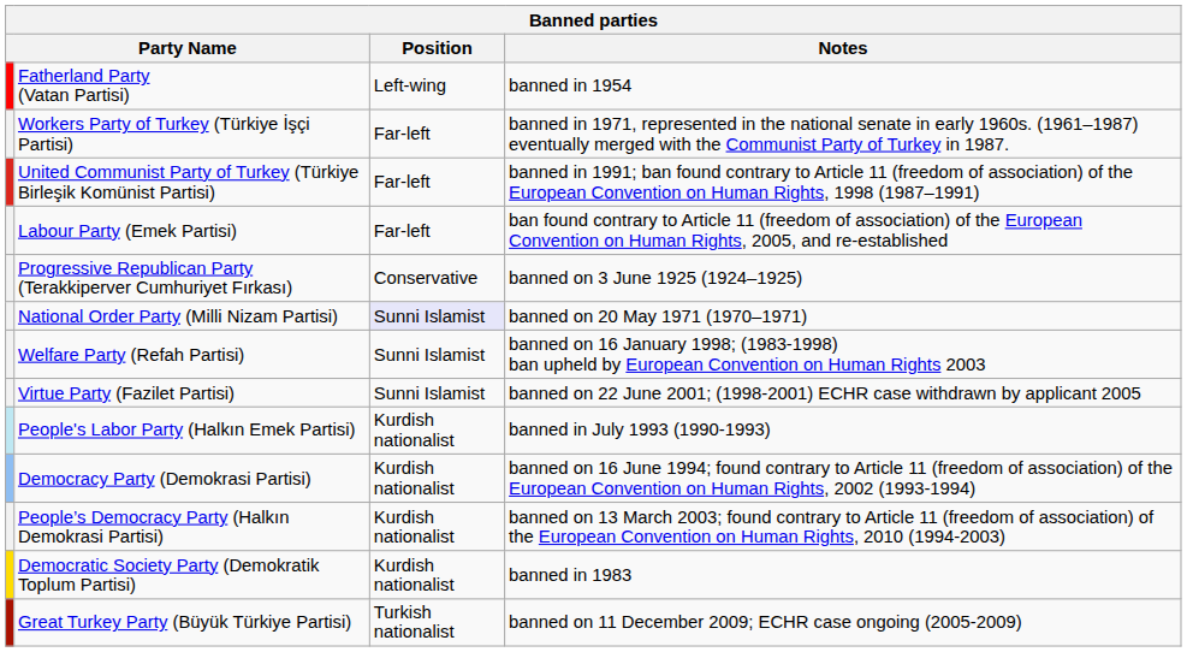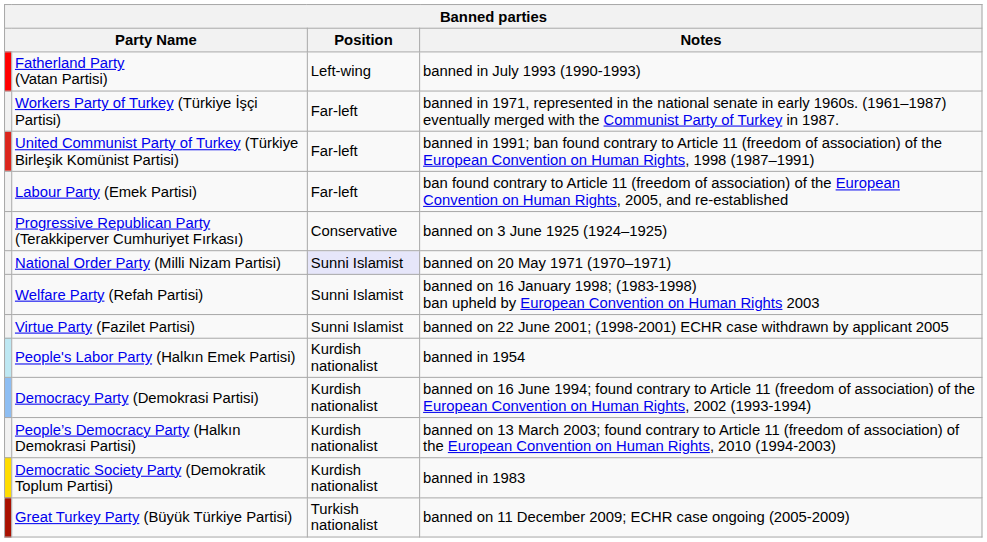 <table class="wikitable sortable" style="text-align:left;;width: 60%;font-size:90%">
 <tr>
 <th colspan="14" style="background-color:#FFFFF; color:black;">Banned parties</th>
 </tr>
 <tr>
 <th style="background-color:#FFFFF; color:black;" colspan="2">Party Name</th>
 <th style="background-color:#FFFFF; color:black;">Position</th>
 <th style="background-color:#FFFFF; color:black;">Notes</th>
 </tr>
 <tr>
 <th style="background-color:#FF0000"></th>
 <td><a href='#'>Fatherland Party</a> <br> (Vatan Partisi)</td>
 <td>Left-wing</td>
-<td>banned in 1954</td>
+<td>banned in July 1993 (1990-1993)</td>
 </tr>
 <tr>
 <th style="background-color:"></th>
 <td><a href='#'>Workers Party of Turkey</a> (Türkiye İşçi Partisi)</td>
 <td>Far-left</td>
 <td>banned in 1971, represented in the national senate in early 1960s. (1961–1987) eventually merged with the <a href='#'>Communist Party of Turkey</a> in 1987.</td>
 </tr>
 <tr>
 <th style="background-color:#DB261D"></th>
 <td><a href='#'>United Communist Party of Turkey</a> (Türkiye Birleşik Komünist Partisi)</td>
 <td>Far-left</td>
 <td>banned in 1991; ban found contrary to Article 11 (freedom of association) of the <a href='#'>European Convention on Human Rights</a>, 1998 (1987–1991)</td>
 </tr>
 <tr>
 <th style="background-color:"></th>
 <td><a href='#'>Labour Party</a> (Emek Partisi)</td>
 <td>Far-left</td>
 <td>ban found contrary to Article 11 (freedom of association) of the <a href='#'>European Convention on Human Rights</a>, 2005, and re-established</td>
 </tr>
 <tr>
 <th style="background-color:"></th>
 <td><a href='#'>Progressive Republican Party</a> (Terakkiperver Cumhuriyet Fırkası)</td>
 <td>Conservative</td>
 <td>banned on 3 June 1925 (1924–1925)</td>
 </tr>
 <tr>
 <th style="background-color:"></th>
 <td><a href='#'>National Order Party</a> (Milli Nizam Partisi)</td>
 <td style="background: lavender;">Sunni Islamist</td>
 <td>banned on 20 May 1971 (1970–1971)</td>
 </tr>
 <tr>
 <th style="background-color:"></th>
 <td><a href='#'>Welfare Party</a> (Refah Partisi)</td>
 <td>Sunni Islamist</td>
 <td>banned on 16 January 1998; (1983-1998)<br>ban upheld by <a href='#'>European Convention on Human Rights</a> 2003</td>
 </tr>
 <tr>
 <th style="background-color:"></th>
 <td><a href='#'>Virtue Party</a> (Fazilet Partisi)</td>
 <td>Sunni Islamist</td>
 <td>banned on 22 June 2001; (1998-2001) ECHR case withdrawn by applicant 2005</td>
 </tr>
 <tr>
 <th style="background-color:#BEE8F3"></th>
 <td><a href='#'>People's Labor Party</a> (Halkın Emek Partisi)</td>
 <td>Kurdish nationalist</td>
-<td>banned in July 1993 (1990-1993)</td>
+<td>banned in 1954</td>
 </tr>
 <tr>
 <th style="background-color:#8EBEF3"></th>
 <td><a href='#'>Democracy Party</a> (Demokrasi Partisi)</td>
 <td>Kurdish nationalist</td>
 <td>banned on 16 June 1994; found contrary to Article 11 (freedom of association) of the <a href='#'>European Convention on Human Rights</a>, 2002 (1993-1994)</td>
 </tr>
 <tr>
 <th style="background-color:"></th>
 <td><a href='#'>People’s Democracy Party</a> (Halkın Demokrasi Partisi)</td>
 <td>Kurdish nationalist</td>
 <td>banned on 13 March 2003; found contrary to Article 11 (freedom of association) of the <a href='#'>European Convention on Human Rights</a>, 2010 (1994-2003)</td>
 </tr>
 <tr>
 <th style="background-color:#FFDD00"></th>
 <td><a href='#'>Democratic Society Party</a> (Demokratik Toplum Partisi)</td>
 <td>Kurdish nationalist</td>
 <td>banned in 1983</td>
 </tr>
 <tr>
 <th style="background-color:#A91101"></th>
 <td><a href='#'>Great Turkey Party</a> (Büyük Türkiye Partisi)</td>
 <td>Turkish nationalist</td>
 <td>banned on 11 December 2009; ECHR case ongoing (2005-2009)</td>
 </tr>
 </table>
